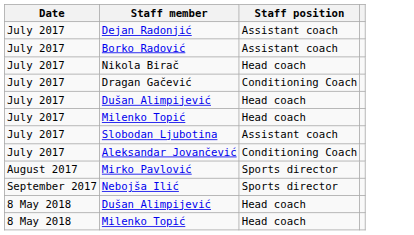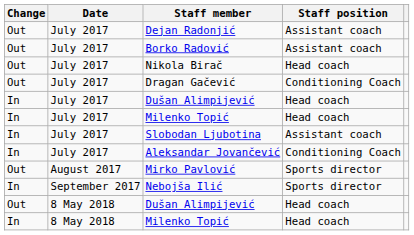 <table class="wikitable">
 <tr>
+<th>Change</th>
 <th>Date</th>
 <th>Staff member</th>
 <th>Staff position</th>
 <th></th>
 </tr>
 <tr>
+<td>Out</td>
 <td>July 2017</td>
 <td> <a href='#'>Dejan Radonjić</a></td>
 <td>Assistant coach</td>
 <td></td>
 </tr>
 <tr>
+<td>Out</td>
 <td>July 2017</td>
 <td> <a href='#'>Borko Radović</a></td>
 <td>Assistant coach</td>
 <td></td>
 </tr>
 <tr>
+<td>Out</td>
 <td>July 2017</td>
 <td> Nikola Birač</td>
 <td>Head coach</td>
 <td></td>
 </tr>
 <tr>
+<td>Out</td>
 <td>July 2017</td>
 <td> Dragan Gačević</td>
 <td>Conditioning Coach</td>
 <td></td>
 </tr>
 <tr>
+<td>In</td>
 <td>July 2017</td>
 <td> <a href='#'>Dušan Alimpijević</a></td>
 <td>Head coach</td>
 <td></td>
 </tr>
 <tr>
+<td>In</td>
 <td>July 2017</td>
 <td> <a href='#'>Milenko Topić</a></td>
 <td>Head coach</td>
 <td></td>
 </tr>
 <tr>
+<td>In</td>
 <td>July 2017</td>
 <td> <a href='#'>Slobodan Ljubotina</a></td>
 <td>Assistant coach</td>
 <td></td>
 </tr>
 <tr>
+<td>In</td>
 <td>July 2017</td>
 <td> <a href='#'>Aleksandar Jovančević</a></td>
 <td>Conditioning Coach</td>
 <td></td>
 </tr>
 <tr>
+<td>Out</td>
 <td>August 2017</td>
 <td> <a href='#'>Mirko Pavlović</a></td>
 <td>Sports director</td>
 <td></td>
 </tr>
 <tr>
+<td>In</td>
 <td>September 2017</td>
 <td> <a href='#'>Nebojša Ilić</a></td>
 <td>Sports director</td>
 <td></td>
 </tr>
 <tr>
+<td>Out</td>
 <td>8 May 2018</td>
 <td> <a href='#'>Dušan Alimpijević</a></td>
 <td>Head coach</td>
 <td></td>
 </tr>
 <tr>
+<td>In</td>
 <td>8 May 2018</td>
 <td> <a href='#'>Milenko Topić</a></td>
 <td>Head coach</td>
 <td></td>
 </tr>
 </table>
